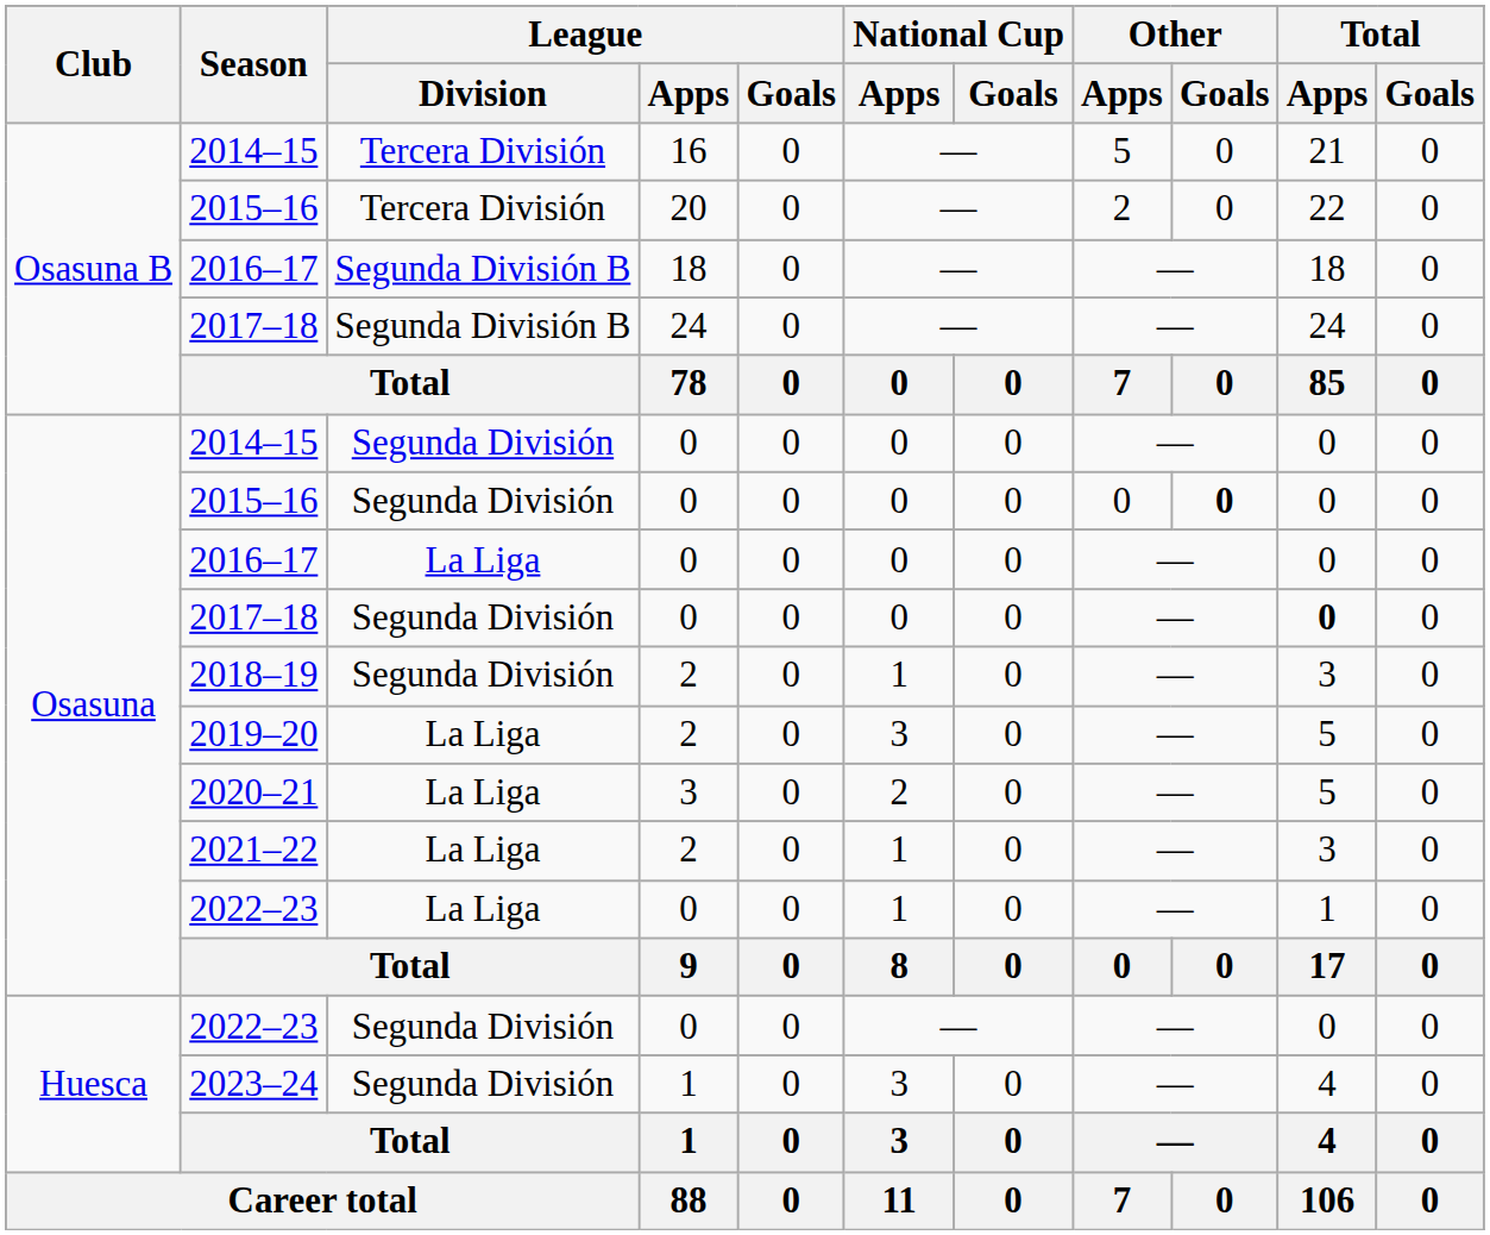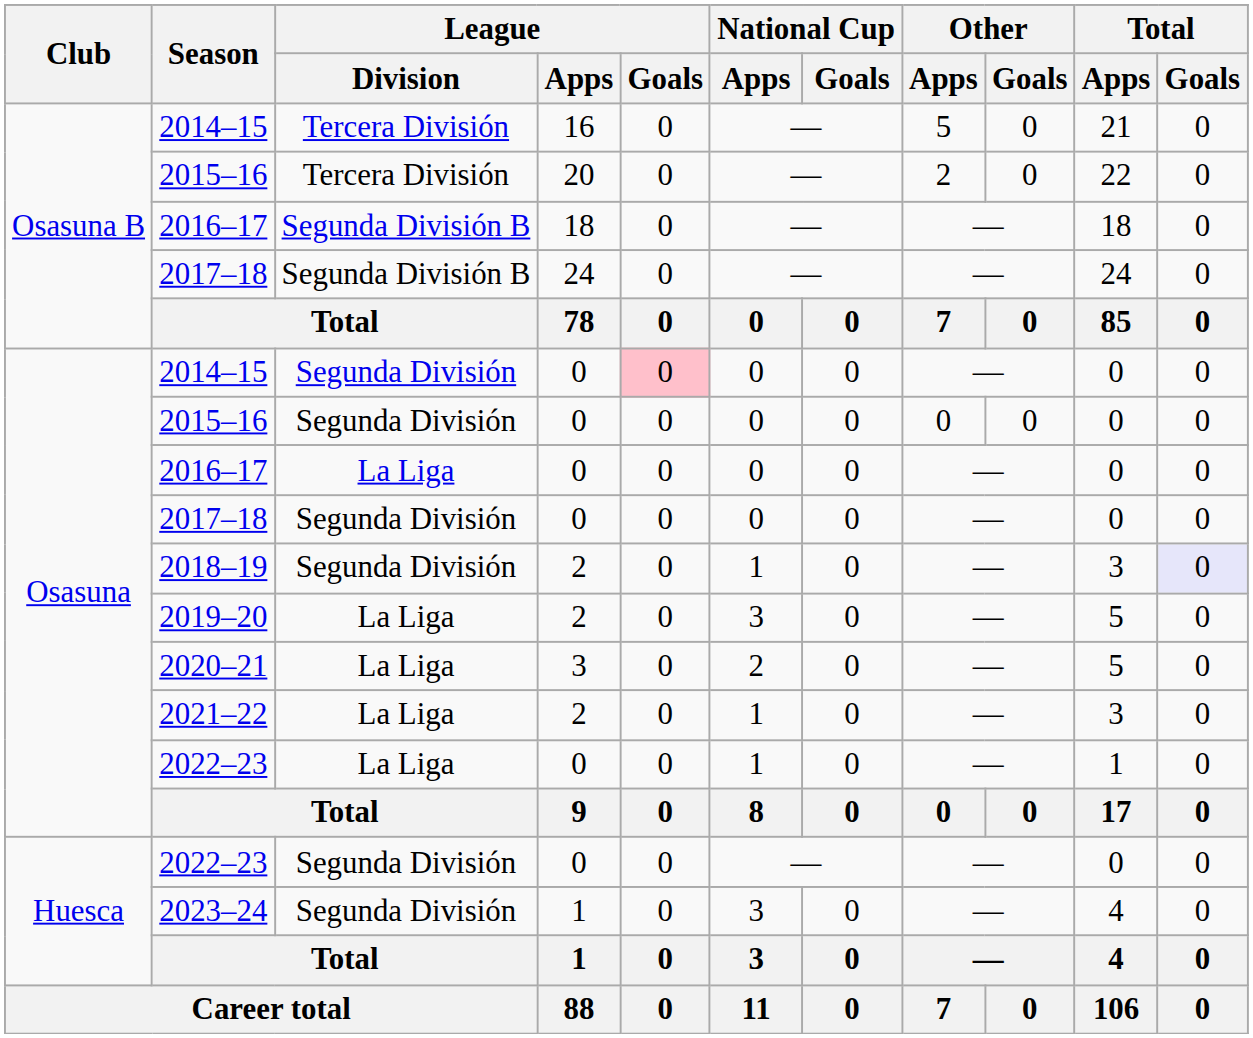 <table class="wikitable" style="text-align:center">
 <tr>
 <th rowspan="2">Club</th>
 <th rowspan="2">Season</th>
 <th colspan="3">League</th>
 <th colspan="2">National Cup</th>
 <th colspan="2">Other</th>
 <th colspan="2">Total</th>
 </tr>
 <tr>
 <th>Division</th>
 <th>Apps</th>
 <th>Goals</th>
 <th>Apps</th>
 <th>Goals</th>
 <th>Apps</th>
 <th>Goals</th>
 <th>Apps</th>
 <th>Goals</th>
 </tr>
 <tr>
 <td rowspan="5"><a href='#'>Osasuna B</a></td>
 <td><a href='#'>2014–15</a></td>
 <td><a href='#'>Tercera División</a></td>
 <td>16</td>
 <td>0</td>
 <td colspan="2">—</td>
 <td>5</td>
 <td>0</td>
 <td>21</td>
 <td>0</td>
 </tr>
 <tr>
 <td><a href='#'>2015–16</a></td>
 <td>Tercera División</td>
 <td>20</td>
 <td>0</td>
 <td colspan="2">—</td>
 <td>2</td>
 <td>0</td>
 <td>22</td>
 <td>0</td>
 </tr>
 <tr>
 <td><a href='#'>2016–17</a></td>
 <td><a href='#'>Segunda División B</a></td>
 <td>18</td>
 <td>0</td>
 <td colspan="2">—</td>
 <td colspan="2">—</td>
 <td>18</td>
 <td>0</td>
 </tr>
 <tr>
 <td><a href='#'>2017–18</a></td>
 <td>Segunda División B</td>
 <td>24</td>
 <td>0</td>
 <td colspan="2">—</td>
 <td colspan="2">—</td>
 <td>24</td>
 <td>0</td>
 </tr>
 <tr>
 <th colspan="2">Total</th>
 <th>78</th>
 <th>0</th>
 <th>0</th>
 <th>0</th>
 <th>7</th>
 <th>0</th>
 <th>85</th>
 <th>0</th>
 </tr>
 <tr>
 <td rowspan="10"><a href='#'>Osasuna</a></td>
 <td><a href='#'>2014–15</a></td>
 <td><a href='#'>Segunda División</a></td>
 <td>0</td>
-<td>0</td>
+<td style="background: pink;">0</td>
 <td>0</td>
 <td>0</td>
 <td colspan="2">—</td>
 <td>0</td>
 <td>0</td>
 </tr>
 <tr>
 <td><a href='#'>2015–16</a></td>
 <td>Segunda División</td>
 <td>0</td>
 <td>0</td>
 <td>0</td>
 <td>0</td>
 <td>0</td>
-<td><strong>0</strong></td>
+<td>0</td>
 <td>0</td>
 <td>0</td>
 </tr>
 <tr>
 <td><a href='#'>2016–17</a></td>
 <td><a href='#'>La Liga</a></td>
 <td>0</td>
 <td>0</td>
 <td>0</td>
 <td>0</td>
 <td colspan="2">—</td>
 <td>0</td>
 <td>0</td>
 </tr>
 <tr>
 <td><a href='#'>2017–18</a></td>
 <td>Segunda División</td>
 <td>0</td>
 <td>0</td>
 <td>0</td>
 <td>0</td>
 <td colspan="2">—</td>
-<td><strong>0</strong></td>
+<td>0</td>
 <td>0</td>
 </tr>
 <tr>
 <td><a href='#'>2018–19</a></td>
 <td>Segunda División</td>
 <td>2</td>
 <td>0</td>
 <td>1</td>
 <td>0</td>
 <td colspan="2">—</td>
 <td>3</td>
-<td>0</td>
+<td style="background: lavender;">0</td>
 </tr>
 <tr>
 <td><a href='#'>2019–20</a></td>
 <td>La Liga</td>
 <td>2</td>
 <td>0</td>
 <td>3</td>
 <td>0</td>
 <td colspan="2">—</td>
 <td>5</td>
 <td>0</td>
 </tr>
 <tr>
 <td><a href='#'>2020–21</a></td>
 <td>La Liga</td>
 <td>3</td>
 <td>0</td>
 <td>2</td>
 <td>0</td>
 <td colspan="2">—</td>
 <td>5</td>
 <td>0</td>
 </tr>
 <tr>
 <td><a href='#'>2021–22</a></td>
 <td>La Liga</td>
 <td>2</td>
 <td>0</td>
 <td>1</td>
 <td>0</td>
 <td colspan="2">—</td>
 <td>3</td>
 <td>0</td>
 </tr>
 <tr>
 <td><a href='#'>2022–23</a></td>
 <td>La Liga</td>
 <td>0</td>
 <td>0</td>
 <td>1</td>
 <td>0</td>
 <td colspan="2">—</td>
 <td>1</td>
 <td>0</td>
 </tr>
 <tr>
 <th colspan="2">Total</th>
 <th>9</th>
 <th>0</th>
 <th>8</th>
 <th>0</th>
 <th>0</th>
 <th>0</th>
 <th>17</th>
 <th>0</th>
 </tr>
 <tr>
 <td rowspan="3"><a href='#'>Huesca</a></td>
 <td><a href='#'>2022–23</a></td>
 <td>Segunda División</td>
 <td>0</td>
 <td>0</td>
 <td colspan="2">—</td>
 <td colspan="2">—</td>
 <td>0</td>
 <td>0</td>
 </tr>
 <tr>
 <td><a href='#'>2023–24</a></td>
 <td>Segunda División</td>
 <td>1</td>
 <td>0</td>
 <td>3</td>
 <td>0</td>
 <td colspan="2">—</td>
 <td>4</td>
 <td>0</td>
 </tr>
 <tr>
 <th colspan="2">Total</th>
 <th>1</th>
 <th>0</th>
 <th>3</th>
 <th>0</th>
 <th colspan="2">—</th>
 <th>4</th>
 <th>0</th>
 </tr>
 <tr>
 <th colspan="3">Career total</th>
 <th>88</th>
 <th>0</th>
 <th>11</th>
 <th>0</th>
 <th>7</th>
 <th>0</th>
 <th>106</th>
 <th>0</th>
 </tr>
 </table>
